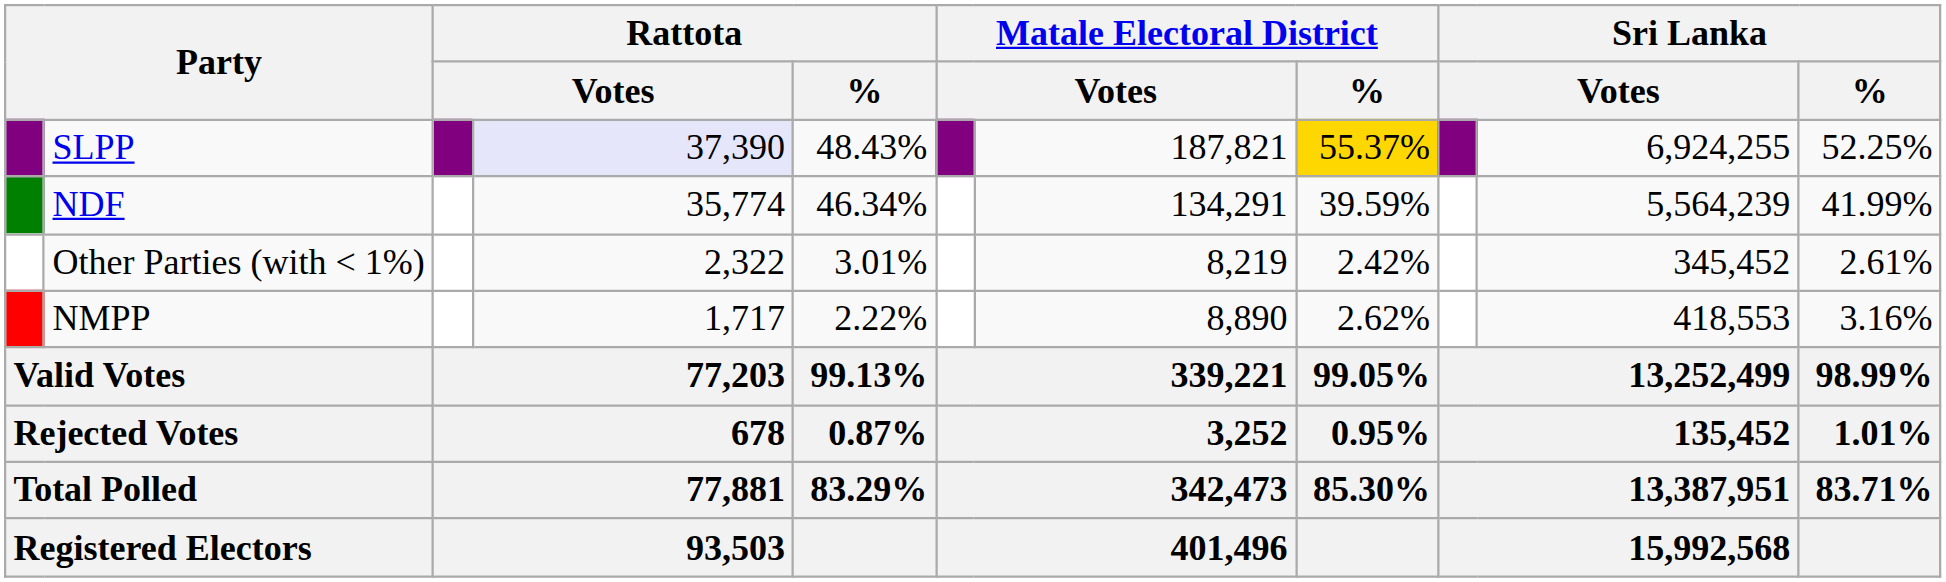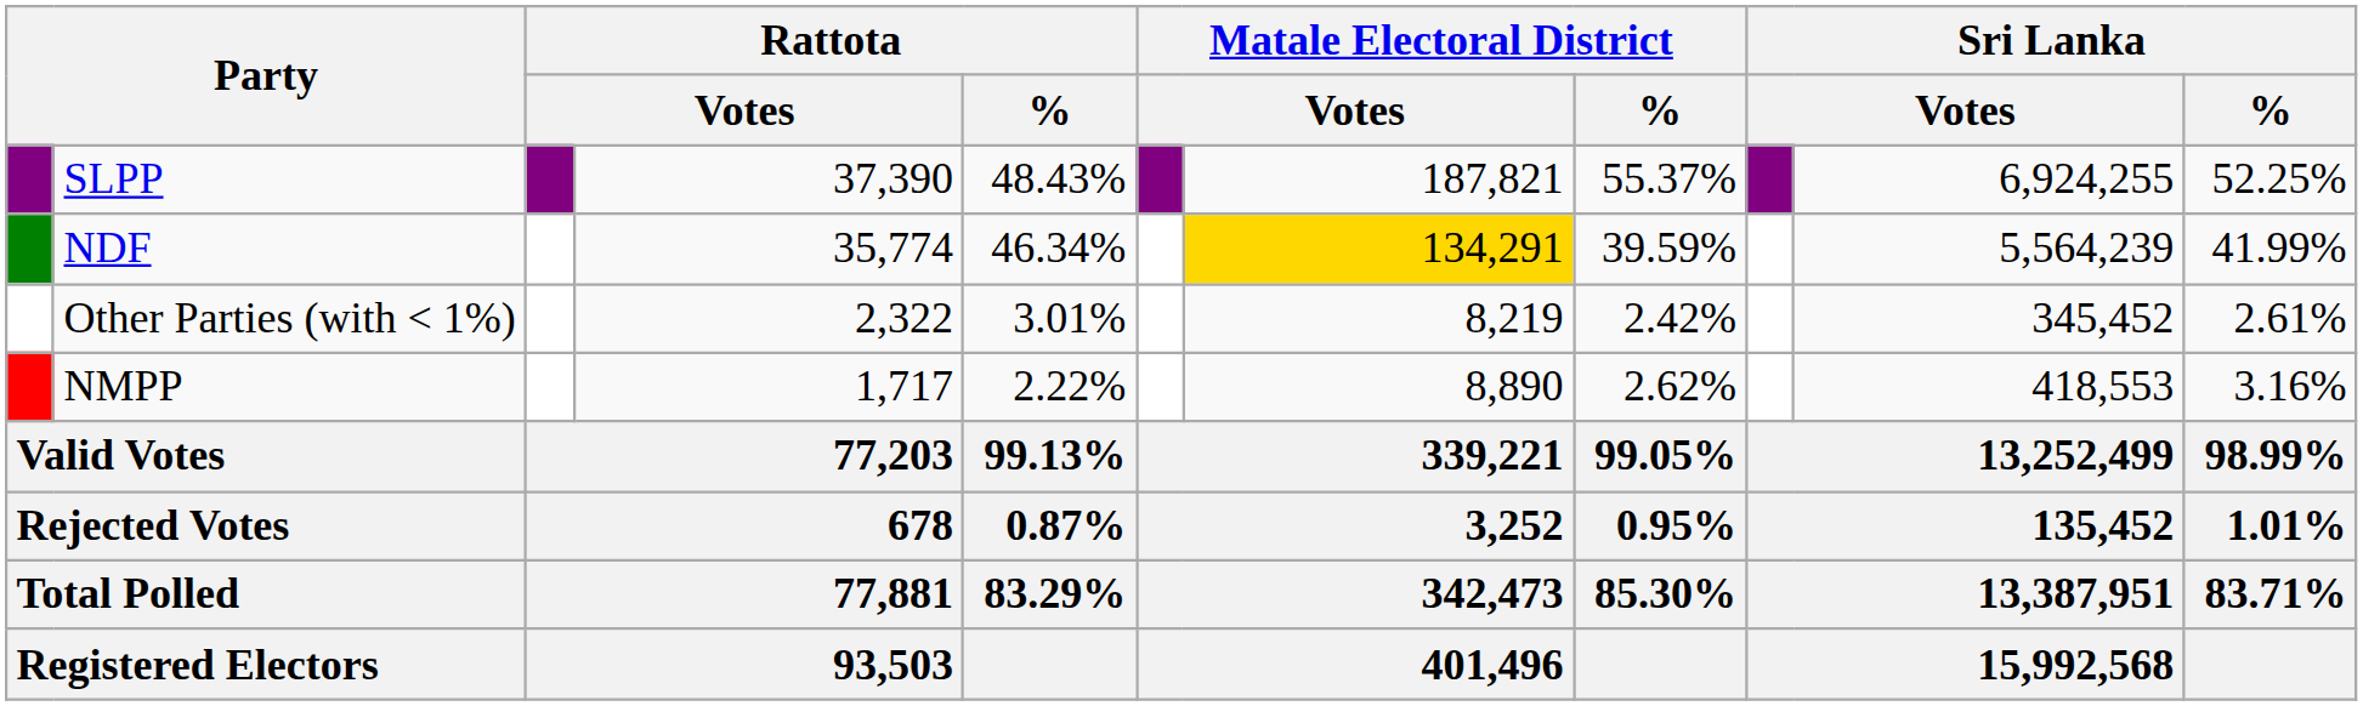 <table class="wikitable">
 <tr>
 <th colspan="2" width="144px"rowspan="2">Party</th>
 <th colspan="3" width="216px">Rattota</th>
 <th colspan="3" width="216px"><a href='#'>Matale Electoral District</a></th>
 <th colspan="3" width="216px">Sri Lanka</th>
 </tr>
 <tr>
 <th colspan="2" width="144px">Votes</th>
 <th>%</th>
 <th colspan="2" width="144px">Votes</th>
 <th>%</th>
 <th colspan="2" width="144px">Votes</th>
 <th>%</th>
 </tr>
 <tr>
 <td style="background-color:purple;" width="10px"></td>
 <td style="text-align:left;"><a href='#'>SLPP</a></td>
 <td style="background-color:purple;" width="10px"></td>
-<td style="background: lavender; text-align:right;">37,390</td>
+<td style="text-align:right;">37,390</td>
 <td style="text-align:right;">48.43%</td>
 <td style="background-color:purple;" width="10px"></td>
 <td style="text-align:right;">187,821</td>
-<td style="background: gold; text-align:right;">55.37%</td>
+<td style="text-align:right;">55.37%</td>
 <td style="background-color:purple;" width="10px"></td>
 <td style="text-align:right;">6,924,255</td>
 <td style="text-align:right;">52.25%</td>
 </tr>
 <tr>
 <td style="background-color:green;" width="10px"></td>
 <td style="text-align:left;"><a href='#'>NDF</a></td>
 <td style="background-color:white;" width="10px"></td>
 <td style="text-align:right;">35,774</td>
 <td style="text-align:right;">46.34%</td>
 <td style="background-color:white;" width="10px"></td>
-<td style="text-align:right;">134,291</td>
+<td style="background: gold; text-align:right;">134,291</td>
 <td style="text-align:right;">39.59%</td>
 <td style="background-color:white;" width="10px"></td>
 <td style="text-align:right;">5,564,239</td>
 <td style="text-align:right;">41.99%</td>
 </tr>
 <tr>
 <td style="background-color:white;" width="10px"></td>
 <td style="text-align:left;">Other Parties (with < 1%)</td>
 <td style="background-color:white;" width="10px"></td>
 <td style="text-align:right;">2,322</td>
 <td style="text-align:right;">3.01%</td>
 <td style="background-color:white;" width="10px"></td>
 <td style="text-align:right;">8,219</td>
 <td style="text-align:right;">2.42%</td>
 <td style="background-color:white;" width="10px"></td>
 <td style="text-align:right;">345,452</td>
 <td style="text-align:right;">2.61%</td>
 </tr>
 <tr>
 <td style="background-color:red;" width="10px"></td>
 <td style="text-align:left;">NMPP</td>
 <td style="background-color:white;" width="10px"></td>
 <td style="text-align:right;">1,717</td>
 <td style="text-align:right;">2.22%</td>
 <td style="background-color:white;" width="10px"></td>
 <td style="text-align:right;">8,890</td>
 <td style="text-align:right;">2.62%</td>
 <td style="background-color:white;" width="10px"></td>
 <td style="text-align:right;">418,553</td>
 <td style="text-align:right;">3.16%</td>
 </tr>
 <tr>
 <th colspan="2" width="144px"style="text-align:left;">Valid Votes</th>
 <th style="text-align:right;"colspan="2" width="144px">77,203</th>
 <th style="text-align:right;">99.13%</th>
 <th style="text-align:right;"colspan="2" width="144px">339,221</th>
 <th style="text-align:right;">99.05%</th>
 <th style="text-align:right;"colspan="2" width="144px">13,252,499</th>
 <th style="text-align:right;">98.99%</th>
 </tr>
 <tr>
 <th colspan="2" width="144px"style="text-align:left;">Rejected Votes</th>
 <th style="text-align:right;"colspan="2" width="144px">678</th>
 <th style="text-align:right;">0.87%</th>
 <th style="text-align:right;"colspan="2" width="144px">3,252</th>
 <th style="text-align:right;">0.95%</th>
 <th style="text-align:right;"colspan="2" width="144px">135,452</th>
 <th style="text-align:right;">1.01%</th>
 </tr>
 <tr>
 <th colspan="2" width="144px"style="text-align:left;">Total Polled</th>
 <th style="text-align:right;"colspan="2" width="144px">77,881</th>
 <th style="text-align:right;">83.29%</th>
 <th style="text-align:right;"colspan="2" width="144px">342,473</th>
 <th style="text-align:right;">85.30%</th>
 <th style="text-align:right;"colspan="2" width="144px">13,387,951</th>
 <th style="text-align:right;">83.71%</th>
 </tr>
 <tr>
 <th colspan="2" width="144px"style="text-align:left;">Registered Electors</th>
 <th style="text-align:right;"colspan="2" width="144px">93,503</th>
 <th></th>
 <th style="text-align:right;"colspan="2" width="144px">401,496</th>
 <th></th>
 <th style="text-align:right;"colspan="2" width="144px">15,992,568</th>
 <th></th>
 </tr>
 </table>
